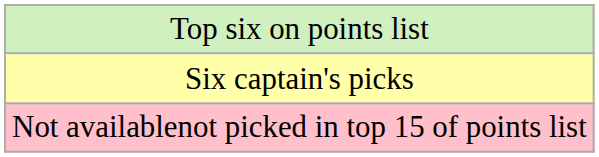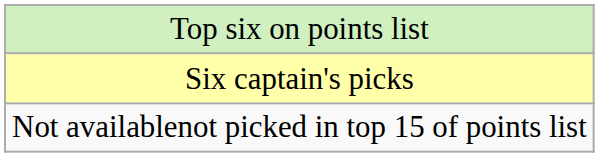 <table class=wikitable style="text-align:center">
 <tr style="background:#d0f0c0;">
 <td>Top six on points list</td>
 </tr>
 <tr style="background:#ffa;">
 <td>Six captain's picks</td>
 </tr>
 <tr>
-<td style="background: pink;">Not availablenot picked in top 15 of points list</td>
+<td>Not availablenot picked in top 15 of points list</td>
 </tr>
 </table>
